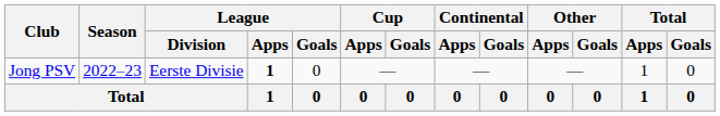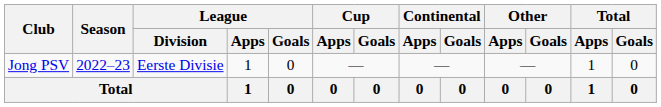 <table class="wikitable" Style="text-align: center">
 <tr>
 <th rowspan="2">Club</th>
 <th rowspan="2">Season</th>
 <th colspan="3">League</th>
 <th colspan="2">Cup</th>
 <th colspan="2">Continental</th>
 <th colspan="2">Other</th>
 <th colspan="2">Total</th>
 </tr>
 <tr>
 <th>Division</th>
 <th>Apps</th>
 <th>Goals</th>
 <th>Apps</th>
 <th>Goals</th>
 <th>Apps</th>
 <th>Goals</th>
 <th>Apps</th>
 <th>Goals</th>
 <th>Apps</th>
 <th>Goals</th>
 </tr>
 <tr>
 <td><a href='#'>Jong PSV</a></td>
 <td><a href='#'>2022–23</a></td>
 <td><a href='#'>Eerste Divisie</a></td>
-<td><strong>1</strong></td>
+<td>1</td>
 <td>0</td>
 <td colspan="2">—</td>
 <td colspan="2">—</td>
 <td colspan="2">—</td>
 <td>1</td>
 <td>0</td>
 </tr>
 <tr>
 <th colspan="3">Total</th>
 <th>1</th>
 <th>0</th>
 <th>0</th>
 <th>0</th>
 <th>0</th>
 <th>0</th>
 <th>0</th>
 <th>0</th>
 <th>1</th>
 <th>0</th>
 </tr>
 </table>
